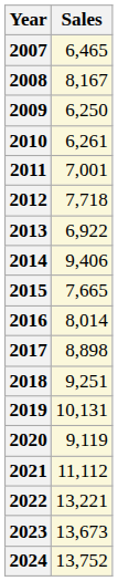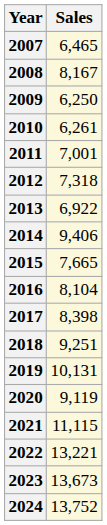 <table class="wikitable" style="text-align: right; display:inline-table">
 <tr>
 <th>Year</th>
 <th>Sales</th>
 </tr>
 <tr>
 <th>2007</th>
 <td style="background:#fbf8db; align:right;">6,465</td>
 </tr>
 <tr>
 <th>2008</th>
 <td style="background:#fbf8db; align:right;">8,167</td>
 </tr>
 <tr>
 <th>2009</th>
 <td style="background:#fbf8db; align:right;">6,250</td>
 </tr>
 <tr>
 <th>2010</th>
 <td style="background:#fbf8db; align:right;">6,261</td>
 </tr>
 <tr>
 <th>2011</th>
 <td style="background:#fbf8db; align:right;">7,001</td>
 </tr>
 <tr>
 <th>2012</th>
-<td style="background:#fbf8db; align:right;">7,718</td>
+<td style="background:#fbf8db; align:right;">7,318</td>
 </tr>
 <tr>
 <th>2013</th>
 <td style="background:#fbf8db; align:right;">6,922</td>
 </tr>
 <tr>
 <th>2014</th>
 <td style="background:#fbf8db; align:right;">9,406</td>
 </tr>
 <tr>
 <th>2015</th>
 <td style="background:#fbf8db; align:right;">7,665</td>
 </tr>
 <tr>
 <th>2016</th>
-<td style="background:#fbf8db; align:right;">8,014</td>
+<td style="background:#fbf8db; align:right;">8,104</td>
 </tr>
 <tr>
 <th>2017</th>
-<td style="background:#fbf8db; align:right;">8,898</td>
+<td style="background:#fbf8db; align:right;">8,398</td>
 </tr>
 <tr>
 <th>2018</th>
 <td style="background:#fbf8db; align:right;">9,251</td>
 </tr>
 <tr>
 <th>2019</th>
 <td style="background:#fbf8db; align:right;">10,131</td>
 </tr>
 <tr>
 <th>2020</th>
 <td style="background:#fbf8db; align:right;">9,119</td>
 </tr>
 <tr>
 <th>2021</th>
-<td style="background:#fbf8db; align:right;">11,112</td>
+<td style="background:#fbf8db; align:right;">11,115</td>
 </tr>
 <tr>
 <th>2022</th>
 <td style="background:#fbf8db; align:right;">13,221</td>
 </tr>
 <tr>
 <th>2023</th>
 <td style="background:#fbf8db; align:right;">13,673</td>
 </tr>
 <tr>
 <th>2024</th>
 <td style="background:#fbf8db; align:right;">13,752</td>
 </tr>
 </table>
